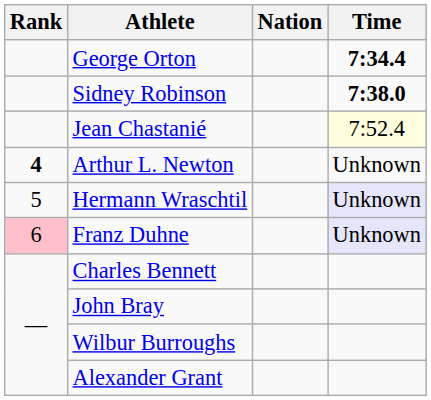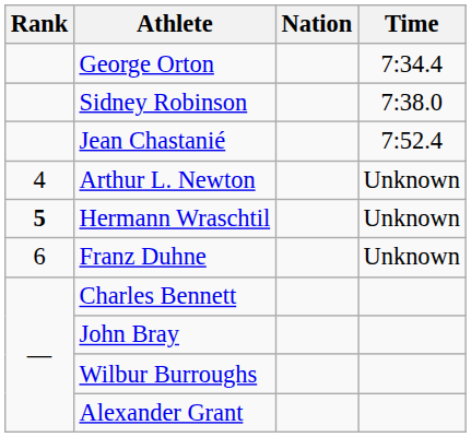 <table class="wikitable sortable" style="text-align:center">
 <tr>
 <th>Rank</th>
 <th>Athlete</th>
 <th>Nation</th>
 <th>Time</th>
 </tr>
 <tr>
 <td></td>
 <td align=left><a href='#'>George Orton</a></td>
 <td align=left></td>
-<td><strong>7:34.4</strong></td>
+<td>7:34.4</td>
 </tr>
 <tr>
 <td></td>
 <td align=left><a href='#'>Sidney Robinson</a></td>
 <td align=left></td>
-<td><strong>7:38.0</strong></td>
+<td>7:38.0</td>
 </tr>
 <tr>
 <td></td>
 <td align=left><a href='#'>Jean Chastanié</a></td>
 <td align=left></td>
-<td style="background: lightyellow;">7:52.4</td>
+<td>7:52.4</td>
 </tr>
 <tr>
-<td><strong>4</strong></td>
+<td>4</td>
 <td align=left><a href='#'>Arthur L. Newton</a></td>
 <td align=left></td>
 <td data-sort-value=8:40.0>Unknown</td>
 </tr>
 <tr>
-<td>5</td>
+<td><strong>5</strong></td>
 <td align=left><a href='#'>Hermann Wraschtil</a></td>
 <td align=left></td>
-<td data-sort-value=8:50.0 style="background: lavender;">Unknown</td>
+<td data-sort-value=8:50.0>Unknown</td>
 </tr>
 <tr>
-<td style="background: pink;">6</td>
+<td>6</td>
 <td align=left><a href='#'>Franz Duhne</a></td>
 <td align=left></td>
-<td data-sort-value=9:00.0 style="background: lavender;">Unknown</td>
+<td data-sort-value=9:00.0>Unknown</td>
 </tr>
 <tr>
 <td rowspan=4 data-sort-value=7>—</td>
 <td align=left><a href='#'>Charles Bennett</a></td>
 <td align=left></td>
 <td data-sort-value=9:99.9></td>
 </tr>
 <tr>
 <td align=left><a href='#'>John Bray</a></td>
 <td align=left></td>
 <td data-sort-value=9:99.9></td>
 </tr>
 <tr>
 <td align=left><a href='#'>Wilbur Burroughs</a></td>
 <td align=left></td>
 <td data-sort-value=9:99.9></td>
 </tr>
 <tr>
 <td align=left><a href='#'>Alexander Grant</a></td>
 <td align=left></td>
 <td data-sort-value=9:99.9></td>
 </tr>
 </table>
